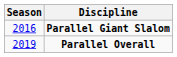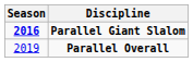 <table class=wikitable style="text-align:center;">
 <tr>
 <th>Season</th>
 <th>Discipline</th>
 </tr>
 <tr>
-<td><a href='#'>2016</a></td>
+<td><strong><a href='#'>2016</a></strong></td>
 <td><strong>Parallel Giant Slalom</strong></td>
 </tr>
 <tr>
 <td><a href='#'>2019</a></td>
 <td><strong>Parallel Overall</strong></td>
 </tr>
 </table>
